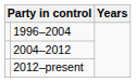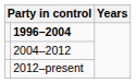 <table class="wikitable">
 <tr>
 <th colspan="2">Party in control</th>
 <th>Years</th>
 </tr>
 <tr>
 <td></td>
-<td>1996–2004</td>
+<td><strong>1996–2004</strong></td>
 </tr>
 <tr>
 <td></td>
 <td>2004–2012</td>
 </tr>
 <tr>
 <td></td>
 <td>2012–present</td>
 </tr>
 </table>
